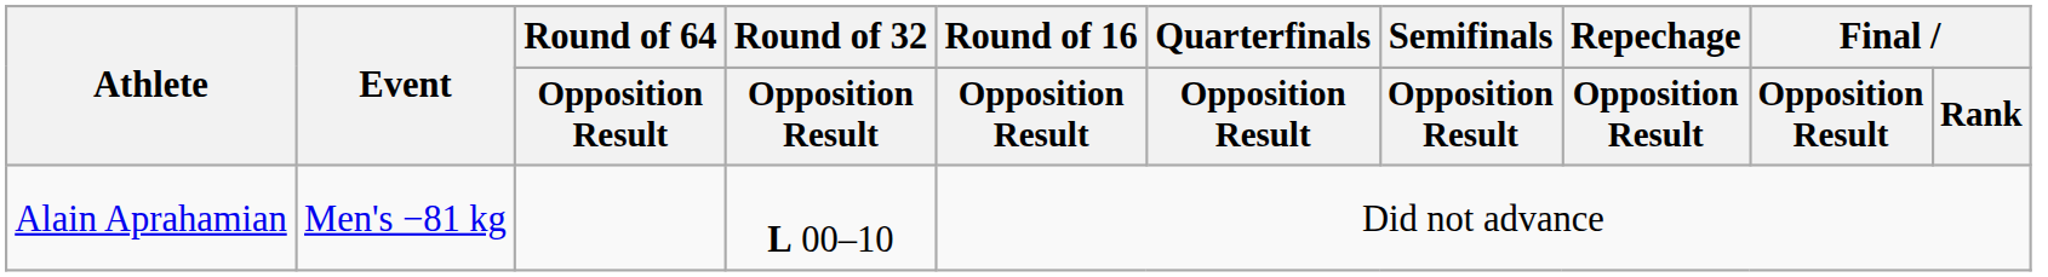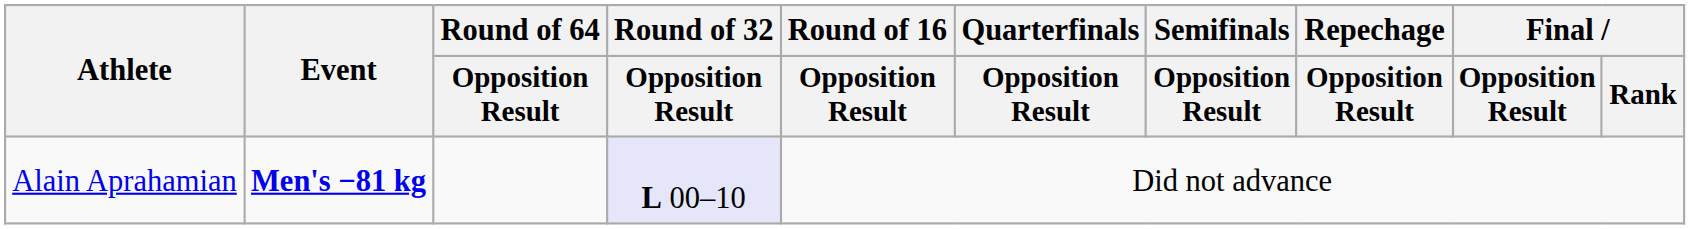 <table class="wikitable" style="font-size:90%">
 <tr>
 <th rowspan="2">Athlete</th>
 <th rowspan="2">Event</th>
 <th>Round of 64</th>
 <th>Round of 32</th>
 <th>Round of 16</th>
 <th>Quarterfinals</th>
 <th>Semifinals</th>
 <th>Repechage</th>
 <th colspan=2>Final / </th>
 </tr>
 <tr style="font-size:95%">
 <th>Opposition<br>Result</th>
 <th>Opposition<br>Result</th>
 <th>Opposition<br>Result</th>
 <th>Opposition<br>Result</th>
 <th>Opposition<br>Result</th>
 <th>Opposition<br>Result</th>
 <th>Opposition<br>Result</th>
 <th>Rank</th>
 </tr>
 <tr align=center>
 <td align=left><a href='#'>Alain Aprahamian</a></td>
-<td align=left><a href='#'>Men's −81 kg</a></td>
+<td align=left><strong><a href='#'>Men's −81 kg</a></strong></td>
 <td></td>
-<td><br><strong>L</strong> 00–10</td>
+<td style="background: lavender;"><br><strong>L</strong> 00–10</td>
 <td colspan=6>Did not advance</td>
 </tr>
 </table>
